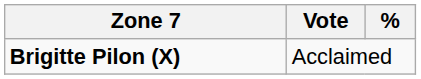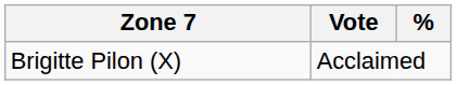 <table class="wikitable">
 <tr>
 <th width="200px">Zone 7</th>
 <th width="50px">Vote</th>
 <th width="30px">%</th>
 </tr>
 <tr>
-<td><strong>Brigitte Pilon (X)</strong></td>
+<td>Brigitte Pilon (X)</td>
 <td colspan="2">Acclaimed</td>
 </tr>
 </table>
